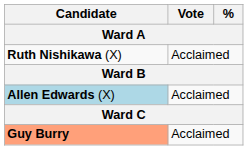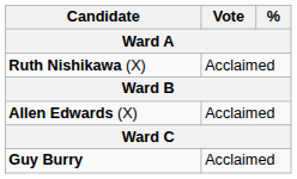 <table class="wikitable">
 <tr>
 <th bgcolor="#DDDDFF" width="200px">Candidate</th>
 <th bgcolor="#DDDDFF" width="50px">Vote</th>
 <th bgcolor="#DDDDFF" width="30px">%</th>
 </tr>
 <tr>
 <th colspan="3">Ward A</th>
 </tr>
 <tr>
 <td><strong>Ruth Nishikawa</strong> (X)</td>
 <td colspan="2">Acclaimed</td>
 </tr>
 <tr>
 <th colspan="3">Ward B</th>
 </tr>
 <tr>
-<td style="background: lightblue;"><strong>Allen Edwards</strong> (X)</td>
+<td><strong>Allen Edwards</strong> (X)</td>
 <td colspan="2">Acclaimed</td>
 </tr>
 <tr>
 <th colspan="3">Ward C</th>
 </tr>
 <tr>
-<td style="background: lightsalmon;"><strong>Guy Burry</strong></td>
+<td><strong>Guy Burry</strong></td>
 <td colspan="2">Acclaimed</td>
 </tr>
 </table>
